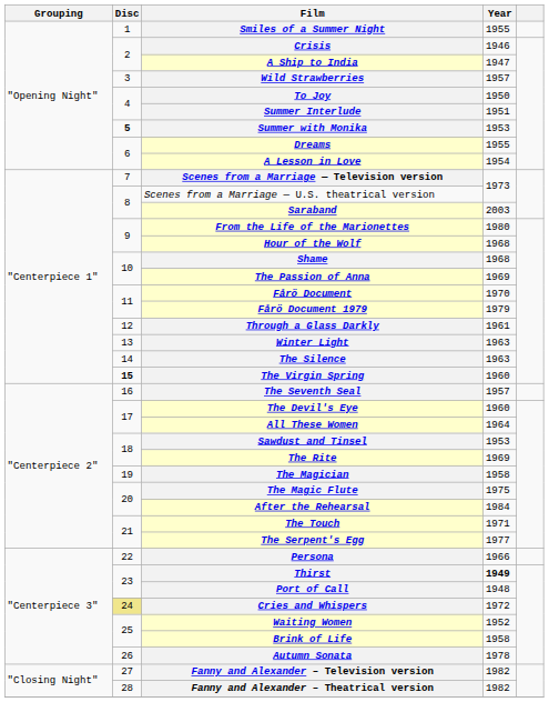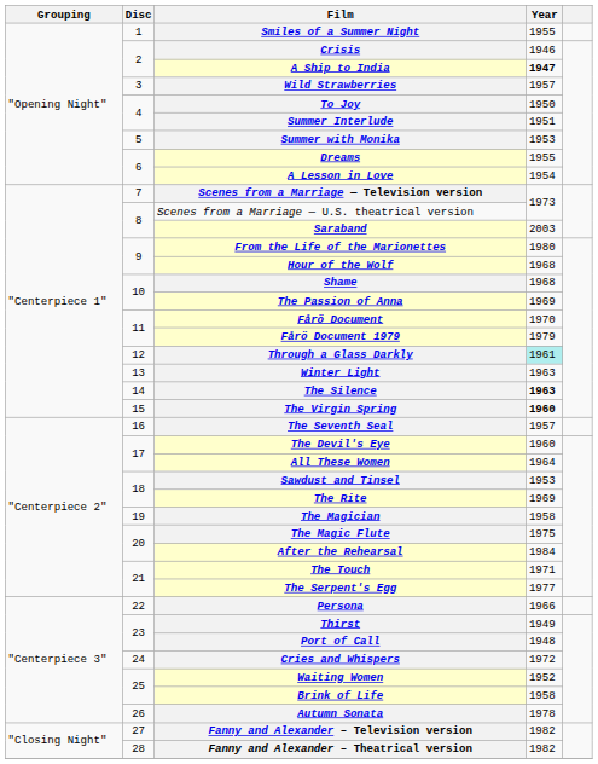 <table class="wikitable plainrowheaders sortable" style="margin-right: 0; width:55%;">
 <tr>
 <th scope="col" class="unsortable" width="20%">Grouping</th>
 <th scope="col" width="5%">Disc<br></th>
 <th scope="col">Film</th>
 <th scope="col">Year</th>
 <th scope="col" class="unsortable" width="5%"></th>
 </tr>
 <tr>
 <td rowspan="9">"Opening Night"</td>
 <td style="text-align:center;">1</td>
 <th scope="row"><em><a href='#'>Smiles of a Summer Night</a></em></th>
 <td>1955</td>
 <td rowspan="1" style="text-align:center;"></td>
 </tr>
 <tr>
 <td rowspan="2" style="text-align:center;">2</td>
 <th scope="row"><em><a href='#'>Crisis</a></em></th>
 <td>1946</td>
 <td rowspan="8"></td>
 </tr>
 <tr>
 <th scope="row" style="background:#ffc;"><em><a href='#'>A Ship to India</a></em> </th>
-<td>1947</td>
+<td><strong>1947</strong></td>
 </tr>
 <tr>
 <td style="text-align:center;">3</td>
 <th scope="row"><em><a href='#'>Wild Strawberries</a></em></th>
 <td>1957</td>
 </tr>
 <tr>
 <td rowspan="2" style="text-align:center;">4</td>
 <th scope="row"><em><a href='#'>To Joy</a></em></th>
 <td>1950</td>
 </tr>
 <tr>
 <th scope="row"><em><a href='#'>Summer Interlude</a></em></th>
 <td>1951</td>
 </tr>
 <tr>
-<td style="text-align:center;"><strong>5</strong></td>
+<td style="text-align:center;">5</td>
 <th scope="row"><em><a href='#'>Summer with Monika</a></em></th>
 <td>1953</td>
 </tr>
 <tr>
 <td rowspan="2" style="text-align:center;">6</td>
 <th scope="row" style="background:#ffc;"><em><a href='#'>Dreams</a></em> </th>
 <td>1955</td>
 </tr>
 <tr>
 <th scope="row" style="background:#ffc;"><em><a href='#'>A Lesson in Love</a></em> </th>
 <td>1954</td>
 </tr>
 <tr>
 <td rowspan="13">"Centerpiece 1"</td>
 <td style="text-align:center;">7</td>
 <th scope="row"><em><a href='#'>Scenes from a Marriage</a></em> — Television version</th>
 <td rowspan="2">1973</td>
 <td rowspan="3" style="text-align:center;"></td>
 </tr>
 <tr>
 <td rowspan="2" style="text-align:center;">8</td>
 <td><em>Scenes from a Marriage</em> — U.S. theatrical version</td>
 </tr>
 <tr>
 <th scope="row" style="background:#ffc;"><em><a href='#'>Saraband</a></em> </th>
 <td>2003</td>
 </tr>
 <tr>
 <td rowspan="2" style="text-align:center;">9</td>
 <th scope="row" style="background:#ffc;"><em><a href='#'>From the Life of the Marionettes</a></em> </th>
 <td>1980</td>
 <td rowspan="10"></td>
 </tr>
 <tr>
 <th scope="row"  style="background:#ffc;"><em><a href='#'>Hour of the Wolf</a></em> </th>
 <td>1968</td>
 </tr>
 <tr>
 <td rowspan="2" style="text-align:center;">10</td>
 <th scope="row"><em><a href='#'>Shame</a></em></th>
 <td>1968</td>
 </tr>
 <tr>
 <th scope="row" style="background:#ffc;"><em><a href='#'>The Passion of Anna</a></em> </th>
 <td>1969</td>
 </tr>
 <tr>
 <td rowspan="2" style="text-align:center;">11</td>
 <th scope="row" style="background:#ffc;"><em><a href='#'>Fårö Document</a></em> </th>
 <td>1970</td>
 </tr>
 <tr>
 <th scope="row" style="background:#ffc;"><em><a href='#'>Fårö Document 1979</a></em> </th>
 <td>1979</td>
 </tr>
 <tr>
 <td style="text-align:center;">12</td>
 <th scope="row"><em><a href='#'>Through a Glass Darkly</a></em></th>
-<td>1961</td>
+<td style="background: paleturquoise;">1961</td>
 </tr>
 <tr>
 <td style="text-align:center;">13</td>
 <th scope="row"><em><a href='#'>Winter Light</a></em></th>
 <td>1963</td>
 </tr>
 <tr>
 <td style="text-align:center;">14</td>
 <th scope="row"><em><a href='#'>The Silence</a></em></th>
-<td>1963</td>
+<td><strong>1963</strong></td>
 </tr>
 <tr>
-<td style="text-align:center;"><strong>15</strong></td>
+<td style="text-align:center;">15</td>
 <th scope="row"><em><a href='#'>The Virgin Spring</a></em></th>
-<td>1960</td>
+<td><strong>1960</strong></td>
 </tr>
 <tr>
 <td rowspan="10">"Centerpiece 2"</td>
 <td style="text-align:center;">16</td>
 <th scope="row"><em><a href='#'>The Seventh Seal</a></em></th>
 <td>1957</td>
 <td rowspan="1" style="text-align:center;"></td>
 </tr>
 <tr>
 <td rowspan="2" style="text-align:center;">17</td>
 <th scope="row" style="background:#ffc;"><em><a href='#'>The Devil's Eye</a></em> </th>
 <td>1960</td>
 <td rowspan="9"></td>
 </tr>
 <tr>
 <th scope="row" style="background:#ffc;"><em><a href='#'>All These Women</a></em> </th>
 <td>1964</td>
 </tr>
 <tr>
 <td rowspan="2" style="text-align:center;">18</td>
 <th scope="row"><em><a href='#'>Sawdust and Tinsel</a></em></th>
 <td>1953</td>
 </tr>
 <tr>
 <th scope="row" style="background:#ffc;"><em><a href='#'>The Rite</a></em> </th>
 <td>1969</td>
 </tr>
 <tr>
 <td style="text-align:center;">19</td>
 <th scope="row"><em><a href='#'>The Magician</a></em></th>
 <td>1958</td>
 </tr>
 <tr>
 <td rowspan="2" style="text-align:center;">20</td>
 <th scope="row"><em><a href='#'>The Magic Flute</a></em></th>
 <td>1975</td>
 </tr>
 <tr>
 <th scope="row" style="background:#ffc;"><em><a href='#'>After the Rehearsal</a></em> </th>
 <td>1984</td>
 </tr>
 <tr>
 <td rowspan="2" style="text-align:center;">21</td>
 <th scope="row"  style="background:#ffc;"><em><a href='#'>The Touch</a></em> </th>
 <td>1971</td>
 </tr>
 <tr>
 <th scope="row" style="background:#ffc;"><em><a href='#'>The Serpent's Egg</a></em> </th>
 <td>1977</td>
 </tr>
 <tr>
 <td rowspan="7">"Centerpiece 3"</td>
 <td style="text-align:center;">22</td>
 <th scope="row"><em><a href='#'>Persona</a></em></th>
 <td>1966</td>
 <td rowspan="1" style="text-align:center;"></td>
 </tr>
 <tr>
 <td rowspan="2" style="text-align:center;">23</td>
 <th scope="row"><em><a href='#'>Thirst</a></em></th>
-<td><strong>1949</strong></td>
+<td>1949</td>
 <td rowspan="6"></td>
 </tr>
 <tr>
 <th scope="row"><em><a href='#'>Port of Call</a></em></th>
 <td>1948</td>
 </tr>
 <tr>
-<td style="background: khaki; text-align:center;">24</td>
+<td style="text-align:center;">24</td>
 <th scope="row"><em><a href='#'>Cries and Whispers</a></em></th>
 <td>1972</td>
 </tr>
 <tr>
 <td rowspan="2" style="text-align:center;">25</td>
 <th scope="row" style="background:#ffc;"><em><a href='#'>Waiting Women</a></em> </th>
 <td>1952</td>
 </tr>
 <tr>
 <th scope="row" style="background:#ffc;"><em><a href='#'>Brink of Life</a></em> </th>
 <td>1958</td>
 </tr>
 <tr>
 <td style="text-align:center;">26</td>
 <th scope="row"><em><a href='#'>Autumn Sonata</a></em></th>
 <td>1978</td>
 </tr>
 <tr>
 <td rowspan="2">"Closing Night"</td>
 <td style="text-align:center;">27</td>
 <th scope="row"><em><a href='#'>Fanny and Alexander</a></em> – Television version</th>
 <td>1982</td>
 <td rowspan="2" style="text-align:center;"></td>
 </tr>
 <tr>
 <td style="text-align:center;">28</td>
 <th scope="row"><em>Fanny and Alexander</em> – Theatrical version</th>
 <td>1982</td>
 </tr>
 <tr>
 </tr>
 </table>
